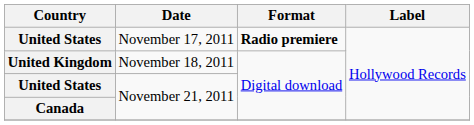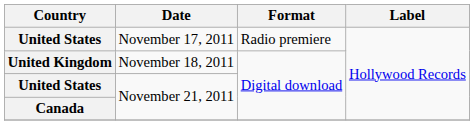 <table class="wikitable plainrowheaders">
 <tr>
 <th scope="col">Country</th>
 <th scope="col">Date</th>
 <th scope="col">Format</th>
 <th scope="col">Label</th>
 </tr>
 <tr>
 <th scope="row">United States</th>
 <td>November 17, 2011</td>
-<td><strong>Radio premiere</strong></td>
+<td>Radio premiere</td>
 <td rowspan="4"><a href='#'>Hollywood Records</a></td>
 </tr>
 <tr>
 <th scope="row">United Kingdom</th>
 <td>November 18, 2011</td>
 <td rowspan="3"><a href='#'>Digital download</a></td>
 </tr>
 <tr>
 <th scope="row">United States</th>
 <td rowspan="2">November 21, 2011</td>
 </tr>
 <tr>
 <th scope="row">Canada</th>
 </tr>
 <tr>
 </tr>
 </table>
